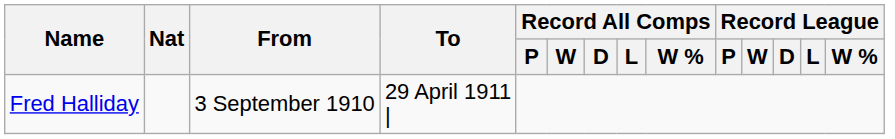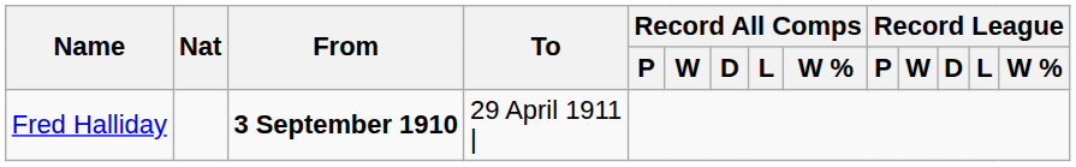 <table class="wikitable" style="text-align: center">
 <tr>
 <th rowspan="2">Name</th>
 <th rowspan="2">Nat</th>
 <th rowspan="2">From</th>
 <th rowspan="2">To</th>
 <th colspan="5">Record All Comps</th>
 <th colspan="5">Record League</th>
 </tr>
 <tr>
 <th>P</th>
 <th>W</th>
 <th>D</th>
 <th>L</th>
 <th>W %</th>
 <th>P</th>
 <th>W</th>
 <th>D</th>
 <th>L</th>
 <th>W %</th>
 </tr>
 <tr>
 <td align=left><a href='#'>Fred Halliday</a></td>
 <td></td>
-<td align=left>3 September 1910</td>
+<td align=left><strong>3 September 1910</strong></td>
 <td align=left>29 April 1911<br>|</td>
 </tr>
 </table>
